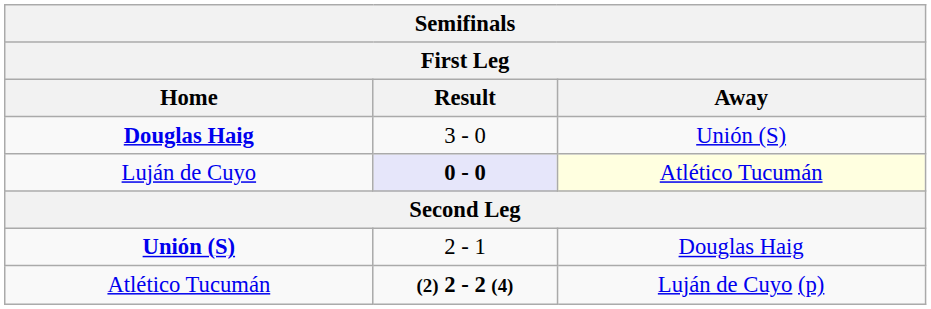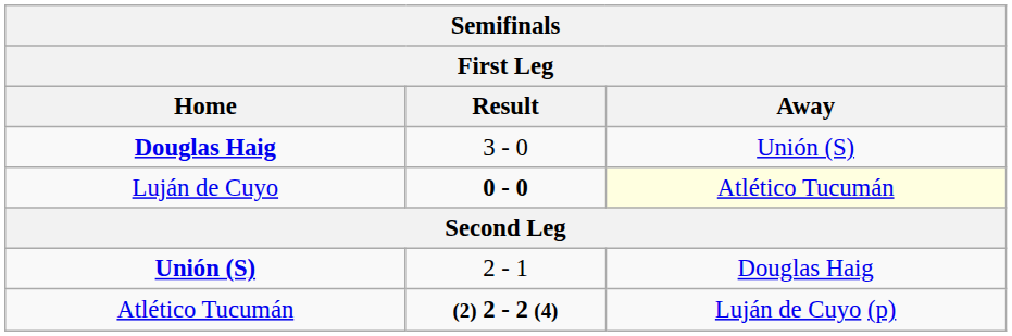 <table align=center class="wikitable collapsible collapsed" style="font-size:95%; text-align: center; width: 70%;">
 <tr>
 <th colspan=100% style="with: 100%;" align=center>Semifinals</th>
 </tr>
 <tr>
 <th colspan=100% style="with: 75%;" align=center>First Leg</th>
 </tr>
 <tr>
 <th width=30%>Home</th>
 <th width=15%>Result</th>
 <th width=30%>Away</th>
 </tr>
 <tr align=center>
 <td><strong><a href='#'>Douglas Haig</a></strong></td>
 <td>3 - 0</td>
 <td><a href='#'>Unión (S)</a></td>
 </tr>
 <tr align=center>
 <td><a href='#'>Luján de Cuyo</a></td>
-<td style="background: lavender;"><strong>0 - 0</strong></td>
+<td><strong>0 - 0</strong></td>
 <td style="background: lightyellow;"><a href='#'>Atlético Tucumán</a></td>
 </tr>
 <tr>
 <th colspan=100% style="with: 75%;" align=center>Second Leg</th>
 </tr>
 <tr align=center>
 <td><strong><a href='#'>Unión (S)</a></strong></td>
 <td>2 - 1</td>
 <td><a href='#'>Douglas Haig</a></td>
 </tr>
 <tr align=center>
 <td><a href='#'>Atlético Tucumán</a></td>
 <td><strong><small>(2)</small> 2 - 2 <small>(4)</small></strong></td>
 <td><a href='#'>Luján de Cuyo</a> <a href='#'>(p)</a></td>
 </tr>
 </table>
